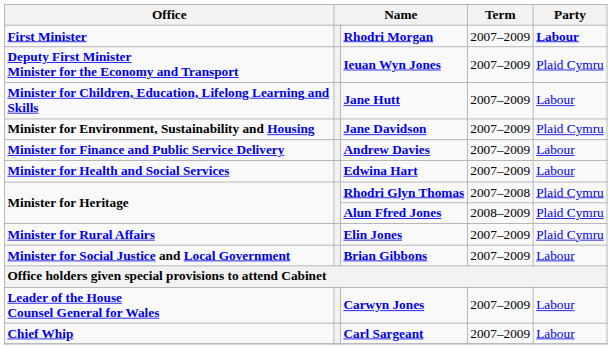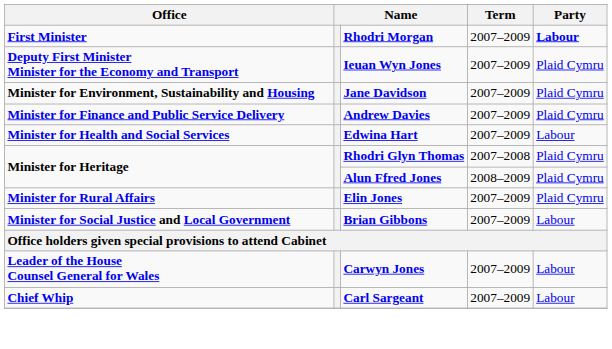 <table class="wikitable">
 <tr>
 <th style="width: 390px">Office</th>
 <th colspan="2">Name</th>
 <th>Term</th>
 <th>Party</th>
 </tr>
 <tr>
 <td><strong><a href='#'>First Minister</a></strong></td>
 <th style="background-color: "></th>
 <td><strong><a href='#'>Rhodri Morgan</a></strong></td>
 <td>2007–2009</td>
 <td><strong><a href='#'>Labour</a></strong></td>
 </tr>
 <tr>
 <td><strong><a href='#'>Deputy First Minister</a></strong><br><strong><a href='#'>Minister for the Economy and Transport</a></strong></td>
 <th style="background-color: "></th>
 <td><strong><a href='#'>Ieuan Wyn Jones</a></strong></td>
 <td>2007–2009</td>
 <td><a href='#'>Plaid Cymru</a></td>
 </tr>
 <tr>
-<td><strong><a href='#'>Minister for Children, Education, Lifelong Learning and Skills</a></strong></td>
-<th style="background-color: "></th>
-<td><strong><a href='#'>Jane Hutt</a></strong></td>
-<td>2007–2009</td>
-<td><a href='#'>Labour</a></td>
-</tr>
-<tr>
 <td><strong>Minister for Environment, Sustainability and <a href='#'>Housing</a></strong></td>
 <th style="background-color: "></th>
 <td><strong><a href='#'>Jane Davidson</a></strong></td>
 <td>2007–2009</td>
 <td><a href='#'>Plaid Cymru</a></td>
 </tr>
 <tr>
 <td><strong><a href='#'>Minister for Finance and Public Service Delivery</a></strong></td>
 <th style="background-color: "></th>
 <td><strong><a href='#'>Andrew Davies</a></strong></td>
 <td>2007–2009</td>
-<td><a href='#'>Labour</a></td>
+<td><a href='#'>Plaid Cymru</a></td>
 </tr>
 <tr>
 <td><strong><a href='#'>Minister for Health and Social Services</a></strong></td>
 <th style="background-color: "></th>
 <td><strong><a href='#'>Edwina Hart</a></strong></td>
 <td>2007–2009</td>
 <td><a href='#'>Labour</a></td>
 </tr>
 <tr>
 <td rowspan="2"><strong>Minister for Heritage</strong></td>
 <th rowspan="2" style="background-color: "></th>
 <td><strong><a href='#'>Rhodri Glyn Thomas</a></strong></td>
 <td>2007–2008</td>
 <td><a href='#'>Plaid Cymru</a></td>
 </tr>
 <tr>
 <td><strong><a href='#'>Alun Ffred Jones</a></strong></td>
 <td>2008–2009</td>
 <td><a href='#'>Plaid Cymru</a></td>
 </tr>
 <tr>
 <td><strong><a href='#'>Minister for Rural Affairs</a></strong></td>
 <th style="background-color: "></th>
 <td><strong><a href='#'>Elin Jones</a></strong></td>
 <td>2007–2009</td>
 <td><a href='#'>Plaid Cymru</a></td>
 </tr>
 <tr>
 <td><strong><a href='#'>Minister for Social Justice</a> and <a href='#'>Local Government</a></strong></td>
 <th style="background-color: "></th>
 <td><strong><a href='#'>Brian Gibbons</a></strong></td>
 <td>2007–2009</td>
 <td><a href='#'>Labour</a></td>
 </tr>
 <tr>
 <th colspan=5 style="text-align:left">Office holders given special provisions to attend Cabinet</th>
 </tr>
 <tr>
 <td><strong><a href='#'>Leader of the House</a></strong><br><strong><a href='#'>Counsel General for Wales</a></strong></td>
 <th style="background-color: "></th>
 <td><strong><a href='#'>Carwyn Jones</a></strong></td>
 <td>2007–2009</td>
 <td><a href='#'>Labour</a></td>
 </tr>
 <tr>
 <td><strong><a href='#'>Chief Whip</a></strong></td>
 <th style="background-color: "></th>
 <td><strong><a href='#'>Carl Sargeant</a></strong></td>
 <td>2007–2009</td>
 <td><a href='#'>Labour</a></td>
 </tr>
 <tr>
 </tr>
 </table>
